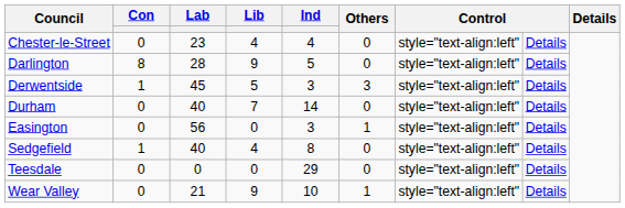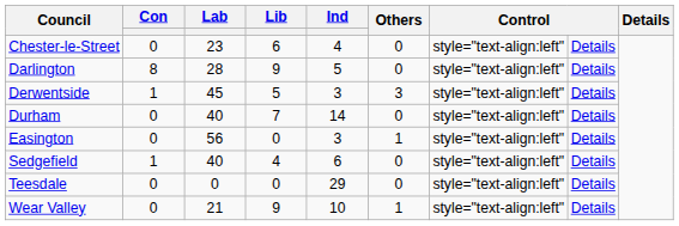 <table class="wikitable" style="text-align:center;">
 <tr>
 <th rowspan=2>Council</th>
 <th style="width:60px;"><a href='#'>Con</a></th>
 <th style="width:60px;"><a href='#'>Lab</a></th>
 <th style="width:60px;"><a href='#'>Lib</a></th>
 <th style="width:60px;"><a href='#'>Ind</a></th>
 <th style="width:60px;" rowspan=2>Others</th>
 <th rowspan=2 colspan=2>Control</th>
 <th rowspan=2>Details</th>
 </tr>
 <tr>
 <th style="background:"></th>
 <th style="background:"></th>
 <th style="background:"></th>
 <th style="background:"></th>
 </tr>
 <tr>
 <td style="text-align:left"><a href='#'>Chester-le-Street</a></td>
 <td>0</td>
 <td>23</td>
-<td>4</td>
+<td>6</td>
 <td>4</td>
 <td>0</td>
 <td>style="text-align:left" </td>
 <td style="text-align:left"><a href='#'>Details</a></td>
 </tr>
 <tr>
 <td style="text-align:left"><a href='#'>Darlington</a></td>
 <td>8</td>
 <td>28</td>
 <td>9</td>
 <td>5</td>
 <td>0</td>
 <td>style="text-align:left" </td>
 <td style="text-align:left"><a href='#'>Details</a></td>
 </tr>
 <tr>
 <td style="text-align:left"><a href='#'>Derwentside</a></td>
 <td>1</td>
 <td>45</td>
 <td>5</td>
 <td>3</td>
 <td>3</td>
 <td>style="text-align:left" </td>
 <td style="text-align:left"><a href='#'>Details</a></td>
 </tr>
 <tr>
 <td style="text-align:left"><a href='#'>Durham</a></td>
 <td>0</td>
 <td>40</td>
 <td>7</td>
 <td>14</td>
 <td>0</td>
 <td>style="text-align:left" </td>
 <td style="text-align:left"><a href='#'>Details</a></td>
 </tr>
 <tr>
 <td style="text-align:left"><a href='#'>Easington</a></td>
 <td>0</td>
 <td>56</td>
 <td>0</td>
 <td>3</td>
 <td>1</td>
 <td>style="text-align:left" </td>
 <td style="text-align:left"><a href='#'>Details</a></td>
 </tr>
 <tr>
 <td style="text-align:left"><a href='#'>Sedgefield</a></td>
 <td>1</td>
 <td>40</td>
 <td>4</td>
-<td>8</td>
+<td>6</td>
 <td>0</td>
 <td>style="text-align:left" </td>
 <td style="text-align:left"><a href='#'>Details</a></td>
 </tr>
 <tr>
 <td style="text-align:left"><a href='#'>Teesdale</a></td>
 <td>0</td>
 <td>0</td>
 <td>0</td>
 <td>29</td>
 <td>0</td>
 <td>style="text-align:left" </td>
 <td style="text-align:left"><a href='#'>Details</a></td>
 </tr>
 <tr>
 <td style="text-align:left"><a href='#'>Wear Valley</a></td>
 <td>0</td>
 <td>21</td>
 <td>9</td>
 <td>10</td>
 <td>1</td>
 <td>style="text-align:left" </td>
 <td style="text-align:left"><a href='#'>Details</a></td>
 </tr>
 </table>
